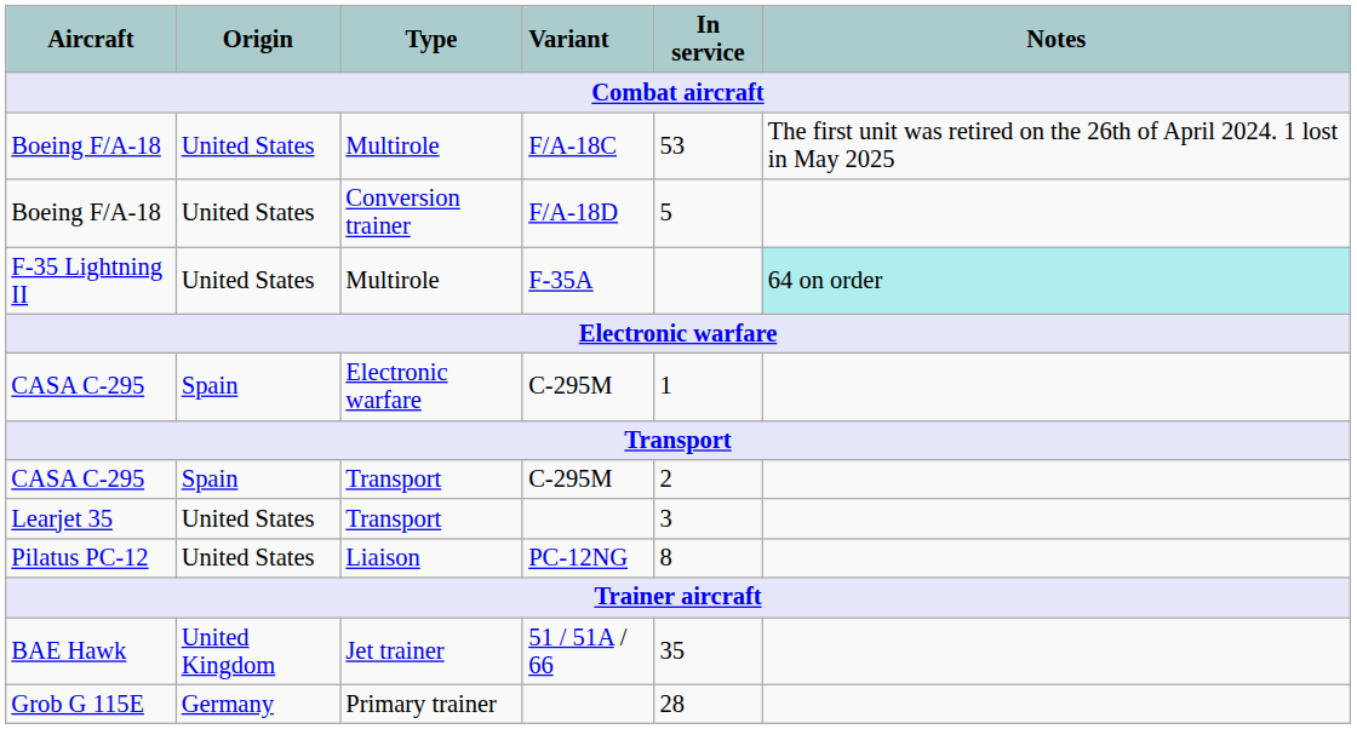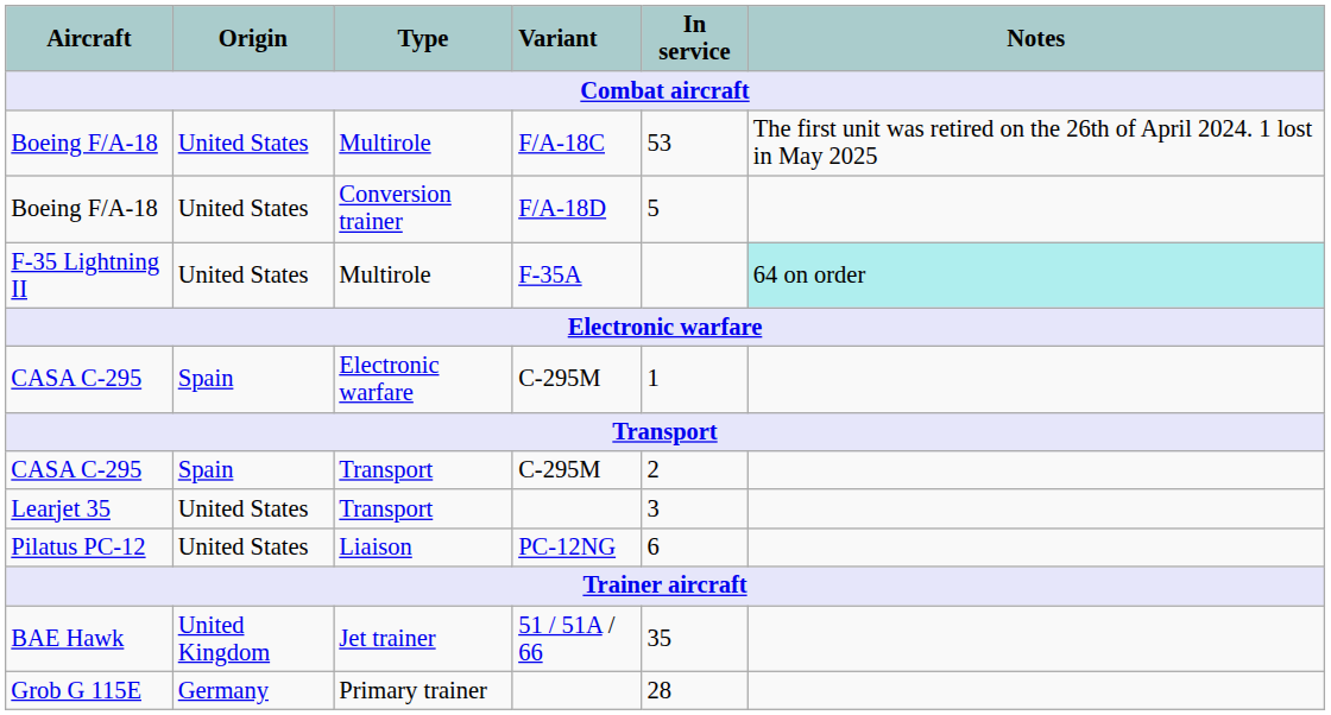 <table class="wikitable">
 <tr>
 <th style="text-align:center; background:#acc;">Aircraft</th>
 <th style="text-align: center; background:#acc;">Origin</th>
 <th style="text-align:l center; background:#acc;">Type</th>
 <th style="text-align:left; background:#acc;">Variant</th>
 <th style="text-align:center; background:#acc;">In service</th>
 <th style="text-align: center; background:#acc;">Notes</th>
 </tr>
 <tr>
 <th style="align: center; background: lavender;" colspan="7"><a href='#'>Combat aircraft</a></th>
 </tr>
 <tr>
 <td><a href='#'>Boeing F/A-18</a></td>
 <td><a href='#'>United States</a></td>
 <td><a href='#'>Multirole</a></td>
 <td><a href='#'>F/A-18C</a></td>
 <td>53</td>
 <td>The first unit was retired on the 26th of April 2024. 1 lost in May 2025</td>
 </tr>
 <tr>
 <td>Boeing F/A-18</td>
 <td>United States</td>
 <td><a href='#'>Conversion trainer</a></td>
 <td><a href='#'>F/A-18D</a></td>
 <td>5</td>
 <td></td>
 </tr>
 <tr>
 <td><a href='#'>F-35 Lightning II</a></td>
 <td>United States</td>
 <td>Multirole</td>
 <td><a href='#'>F-35A</a></td>
 <td></td>
 <td style="background: paleturquoise;">64 on order</td>
 </tr>
 <tr>
 <th style="align: center; background: lavender;" colspan="7"><a href='#'>Electronic warfare</a></th>
 </tr>
 <tr>
 <td><a href='#'>CASA C-295</a></td>
 <td><a href='#'>Spain</a></td>
 <td><a href='#'>Electronic warfare</a></td>
 <td>C-295M</td>
 <td>1</td>
 <td></td>
 </tr>
 <tr>
 <th style="align: center; background: lavender;" colspan="7"><a href='#'>Transport</a></th>
 </tr>
 <tr>
 <td><a href='#'>CASA C-295</a></td>
 <td><a href='#'>Spain</a></td>
 <td><a href='#'>Transport</a></td>
 <td>C-295M</td>
 <td>2</td>
 <td></td>
 </tr>
 <tr>
 <td><a href='#'>Learjet 35</a></td>
 <td>United States</td>
 <td><a href='#'>Transport</a></td>
 <td></td>
 <td>3</td>
 <td></td>
 </tr>
 <tr>
 <td><a href='#'>Pilatus PC-12</a></td>
 <td>United States</td>
 <td><a href='#'>Liaison</a></td>
 <td><a href='#'>PC-12NG</a></td>
-<td>8</td>
+<td>6</td>
 <td></td>
 </tr>
 <tr>
 <th style="align: center; background: lavender;" colspan="7"><a href='#'>Trainer aircraft</a></th>
 </tr>
 <tr>
 <td><a href='#'>BAE Hawk</a></td>
 <td><a href='#'>United Kingdom</a></td>
 <td><a href='#'>Jet trainer</a></td>
 <td><a href='#'>51 / 51A</a> / <a href='#'>66</a></td>
 <td>35</td>
 <td></td>
 </tr>
 <tr>
 <td><a href='#'>Grob G 115E</a></td>
 <td><a href='#'>Germany</a></td>
 <td>Primary trainer</td>
 <td></td>
 <td>28</td>
 <td></td>
 </tr>
 </table>
